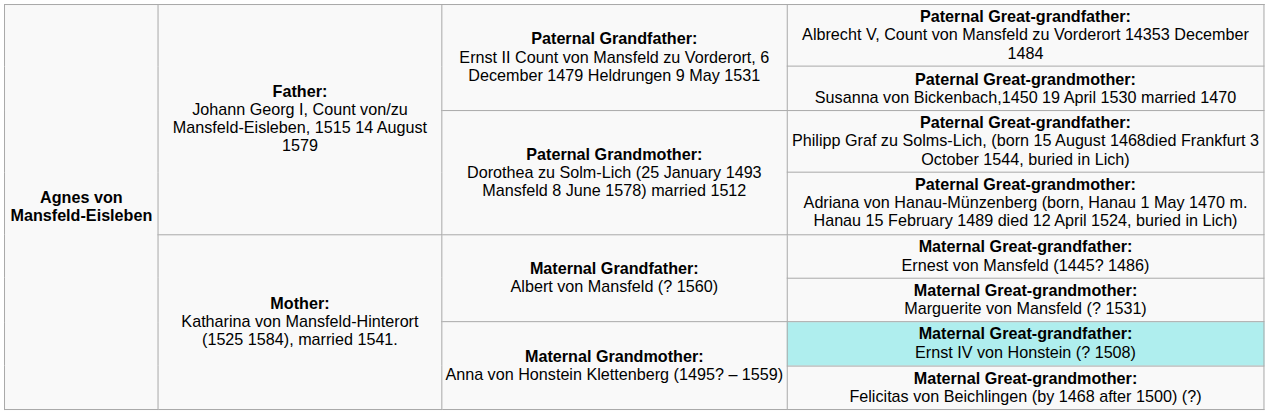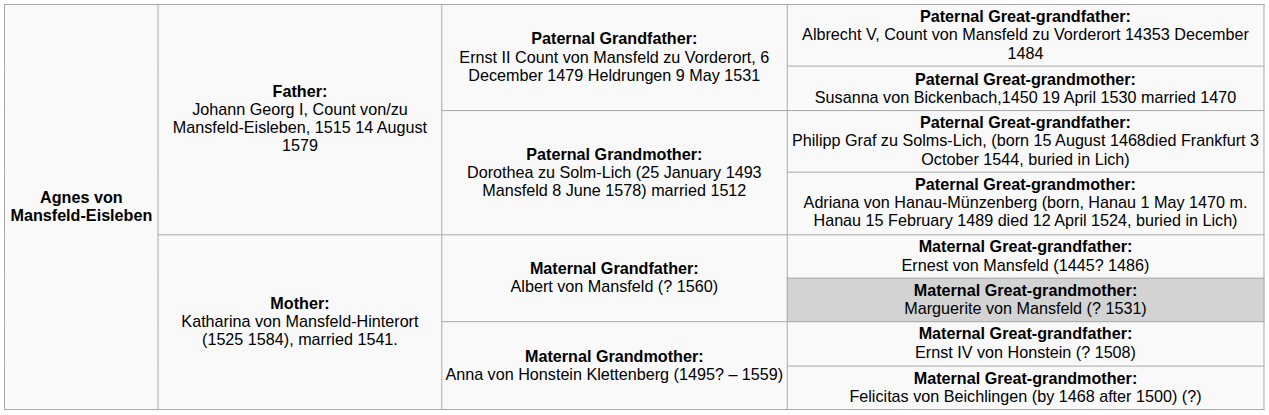 <table class="wikitable">
 <tr>
 </tr>
 <tr>
 <td rowspan="8" align="center"><strong>Agnes von Mansfeld-Eisleben</strong></td>
 <td rowspan="4" align="center"><strong>Father:</strong><br>Johann Georg I, Count von/zu Mansfeld-Eisleben, 1515  14 August 1579</td>
 <td rowspan="2" align="center"><strong>Paternal Grandfather:</strong><br>Ernst II Count von Mansfeld zu Vorderort, 6 December 1479  Heldrungen 9 May 1531</td>
 <td align="center"><strong>Paternal Great-grandfather:</strong><br>Albrecht V, Count von Mansfeld zu Vorderort 14353 December 1484</td>
 </tr>
 <tr>
 <td align="center"><strong>Paternal Great-grandmother:</strong><br>Susanna von Bickenbach,1450 19 April 1530 married 1470</td>
 </tr>
 <tr>
 <td rowspan="2" align="center"><strong>Paternal Grandmother:</strong><br>Dorothea zu Solm-Lich (25 January 1493 Mansfeld 8 June 1578) married 1512</td>
 <td align="center"><strong>Paternal Great-grandfather:</strong><br>Philipp Graf zu Solms-Lich, (born 15 August 1468died Frankfurt 3 October 1544, buried in Lich)</td>
 </tr>
 <tr>
 <td align="center"><strong>Paternal Great-grandmother:</strong><br>Adriana von Hanau-Münzenberg (born, Hanau 1 May 1470  m. Hanau 15 February 1489  died 12 April 1524, buried in Lich)</td>
 </tr>
 <tr>
 <td rowspan="4" align="center"><strong>Mother:</strong><br>Katharina von Mansfeld-Hinterort (1525  1584), married 1541.</td>
 <td rowspan="2" align="center"><strong>Maternal Grandfather:</strong><br>Albert von Mansfeld (?  1560)</td>
 <td align="center"><strong>Maternal Great-grandfather:</strong><br>Ernest von Mansfeld (1445?  1486)</td>
 </tr>
 <tr>
-<td align="center"><strong>Maternal Great-grandmother:</strong><br>Marguerite von Mansfeld (?  1531)</td>
+<td align="center" style="background: lightgrey;"><strong>Maternal Great-grandmother:</strong><br>Marguerite von Mansfeld (?  1531)</td>
 </tr>
 <tr>
 <td rowspan="2" align="center"><strong>Maternal Grandmother:</strong><br>Anna von Honstein Klettenberg (1495? – 1559)</td>
-<td align="center" style="background: paleturquoise;"><strong>Maternal Great-grandfather:</strong><br>Ernst IV von Honstein (?  1508)</td>
+<td align="center"><strong>Maternal Great-grandfather:</strong><br>Ernst IV von Honstein (?  1508)</td>
 </tr>
 <tr>
 <td align="center"><strong>Maternal Great-grandmother:</strong><br>Felicitas von Beichlingen (by 1468  after 1500) (?)</td>
 </tr>
 </table>
